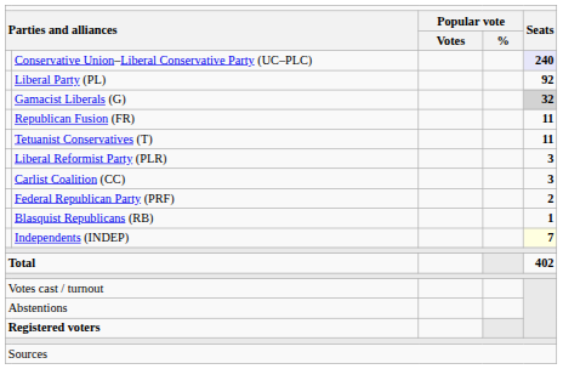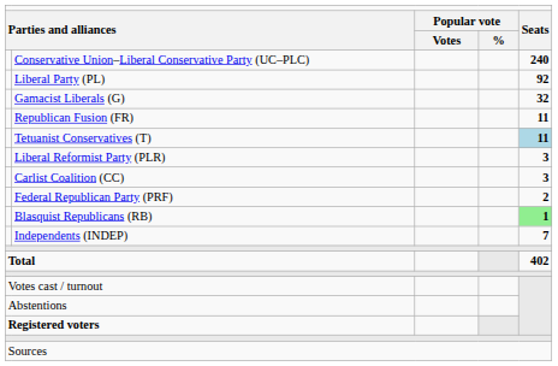 <table class="wikitable" style="text-align:right;">
 <tr>
 <td colspan="5"></td>
 </tr>
 <tr>
 <th style="text-align:left;" rowspan="2" colspan="2" width="525">Parties and alliances</th>
 <th colspan="2">Popular vote</th>
 <th rowspan="2" width="35">Seats</th>
 </tr>
 <tr>
 <th width="75">Votes</th>
 <th width="45">%</th>
 </tr>
 <tr>
 <td width="1" style="color:inherit;background:"></td>
 <td align="left"><a href='#'>Conservative Union</a>–<a href='#'>Liberal Conservative Party</a> (UC–PLC)</td>
 <td></td>
 <td></td>
-<td style="background: lavender;"><strong>240</strong></td>
+<td><strong>240</strong></td>
 </tr>
 <tr>
 <td style="color:inherit;background:"></td>
 <td align="left"><a href='#'>Liberal Party</a> (PL)</td>
 <td></td>
 <td></td>
 <td><strong>92</strong></td>
 </tr>
 <tr>
 <td style="color:inherit;background:"></td>
 <td align="left"><a href='#'>Gamacist Liberals</a> (G)</td>
 <td></td>
 <td></td>
-<td style="background: lightgrey;"><strong>32</strong></td>
+<td><strong>32</strong></td>
 </tr>
 <tr>
 <td style="color:inherit;background:"></td>
 <td align="left"><a href='#'>Republican Fusion</a> (FR)</td>
 <td></td>
 <td></td>
 <td><strong>11</strong></td>
 </tr>
 <tr>
 <td style="color:inherit;background:"></td>
 <td align="left"><a href='#'>Tetuanist Conservatives</a> (T)</td>
 <td></td>
 <td></td>
-<td><strong>11</strong></td>
+<td style="background: lightblue;"><strong>11</strong></td>
 </tr>
 <tr>
 <td style="color:inherit;background:"></td>
 <td align="left"><a href='#'>Liberal Reformist Party</a> (PLR)</td>
 <td></td>
 <td></td>
 <td><strong>3</strong></td>
 </tr>
 <tr>
 <td style="color:inherit;background:"></td>
 <td align="left"><a href='#'>Carlist Coalition</a> (CC)</td>
 <td></td>
 <td></td>
 <td><strong>3</strong></td>
 </tr>
 <tr>
 <td style="color:inherit;background:"></td>
 <td align="left"><a href='#'>Federal Republican Party</a> (PRF)</td>
 <td></td>
 <td></td>
 <td><strong>2</strong></td>
 </tr>
 <tr>
 <td style="color:inherit;background:"></td>
 <td align="left"><a href='#'>Blasquist Republicans</a> (RB)</td>
 <td></td>
 <td></td>
-<td><strong>1</strong></td>
+<td style="background: lightgreen;"><strong>1</strong></td>
 </tr>
 <tr>
 <td style="color:inherit;background:"></td>
 <td align="left"><a href='#'>Independents</a> (INDEP)</td>
 <td></td>
 <td></td>
-<td style="background: lightyellow;"><strong>7</strong></td>
+<td><strong>7</strong></td>
 </tr>
 <tr>
 <td colspan="5" bgcolor="#E9E9E9"></td>
 </tr>
 <tr style="font-weight:bold;">
 <td align="left" colspan="2">Total</td>
 <td></td>
 <td bgcolor="#E9E9E9"></td>
 <td>402</td>
 </tr>
 <tr>
 <td colspan="5" bgcolor="#E9E9E9"></td>
 </tr>
 <tr>
 <td align="left" colspan="2">Votes cast / turnout</td>
 <td></td>
 <td></td>
 <td bgcolor="#E9E9E9" rowspan="3"></td>
 </tr>
 <tr>
 <td align="left" colspan="2">Abstentions</td>
 <td></td>
 <td></td>
 </tr>
 <tr style="font-weight:bold;">
 <td align="left" colspan="2">Registered voters</td>
 <td></td>
 <td bgcolor="#E9E9E9"></td>
 </tr>
 <tr>
 <td colspan="5" bgcolor="#E9E9E9"></td>
 </tr>
 <tr>
 <td align="left" colspan="5">Sources</td>
 </tr>
 </table>
